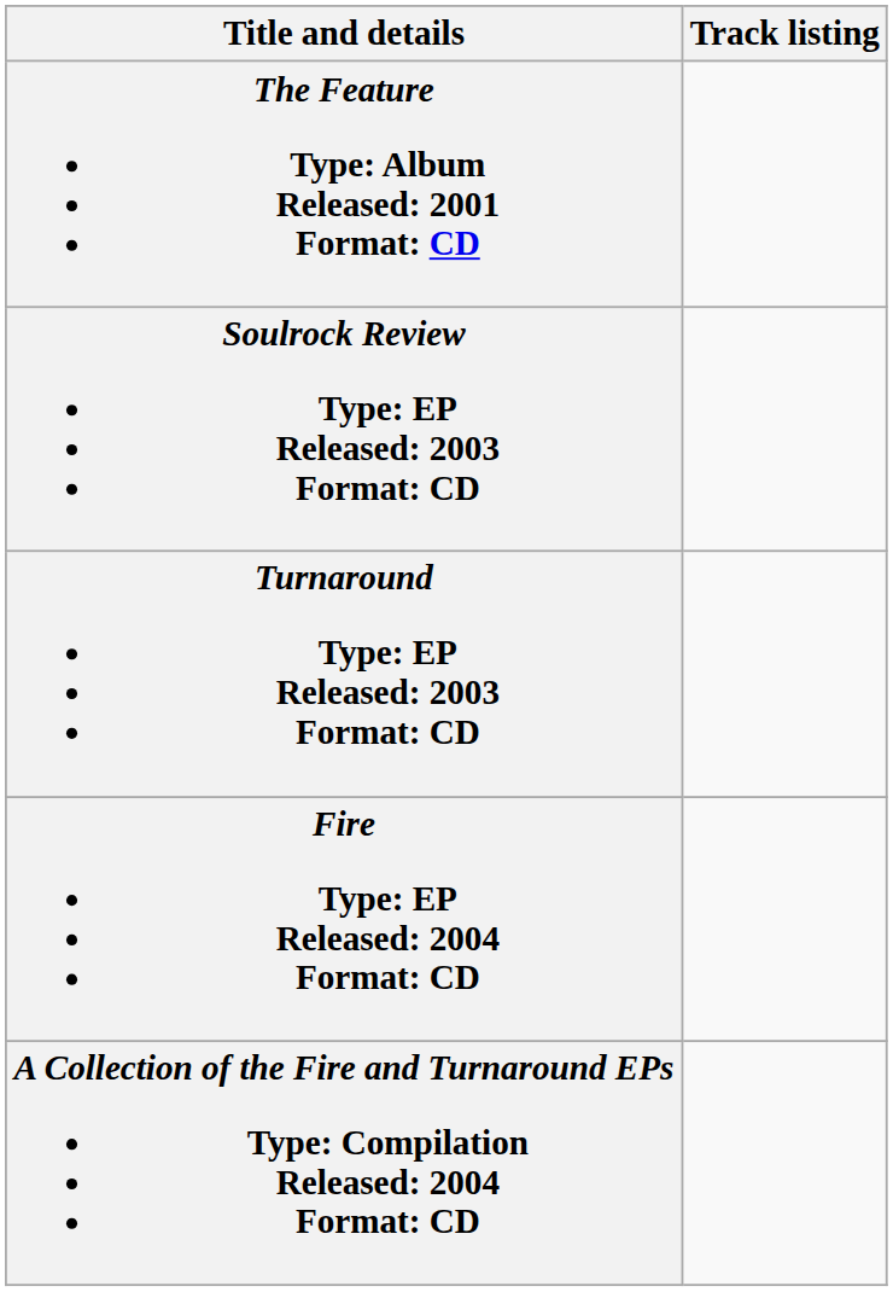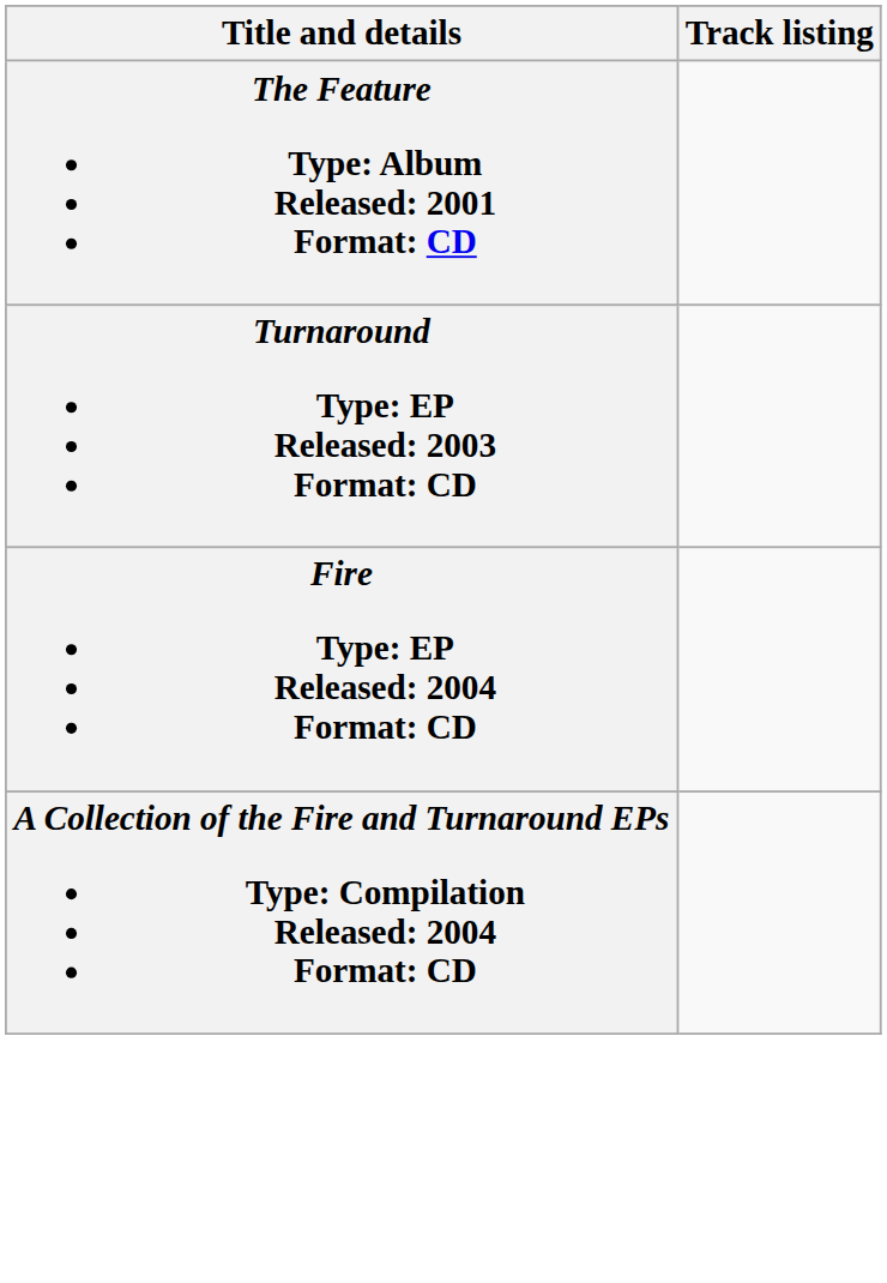 <table class="wikitable plainrowheaders" style="text-align:center;">
 <tr>
 <th scope="col">Title and details</th>
 <th scope="col">Track listing</th>
 </tr>
 <tr>
 <th scope="row"><strong><em>The Feature</em></strong><br><ul><li>Type: Album</li><li>Released: 2001</li><li>Format: <a href='#'>CD</a></li></ul></th>
-<td><br></td>
-</tr>
-<tr>
-<th scope="row"><strong><em>Soulrock Review</em></strong><br><ul><li>Type: EP</li><li>Released: 2003</li><li>Format: CD</li></ul></th>
 <td><br></td>
 </tr>
 <tr>
 <th scope="row"><strong><em>Turnaround</em></strong><br><ul><li>Type: EP</li><li>Released: 2003</li><li>Format: CD</li></ul></th>
 <td><br></td>
 </tr>
 <tr>
 <th scope="row"><strong><em>Fire</em></strong><br><ul><li>Type: EP</li><li>Released: 2004</li><li>Format: CD</li></ul></th>
 <td><br></td>
 </tr>
 <tr>
 <th scope="row"><strong><em>A Collection of the Fire and Turnaround EPs</em></strong><br><ul><li>Type: Compilation</li><li>Released: 2004</li><li>Format: CD</li></ul></th>
 <td><br> </td>
 </tr>
 </table>
